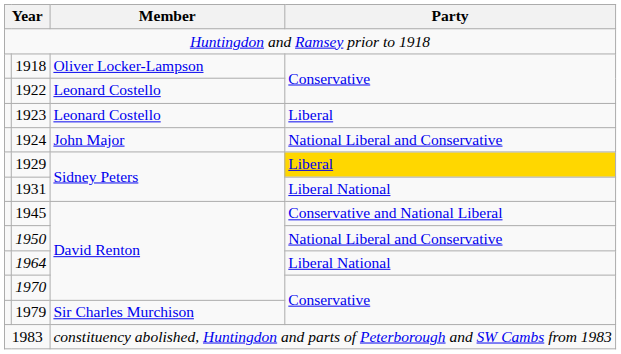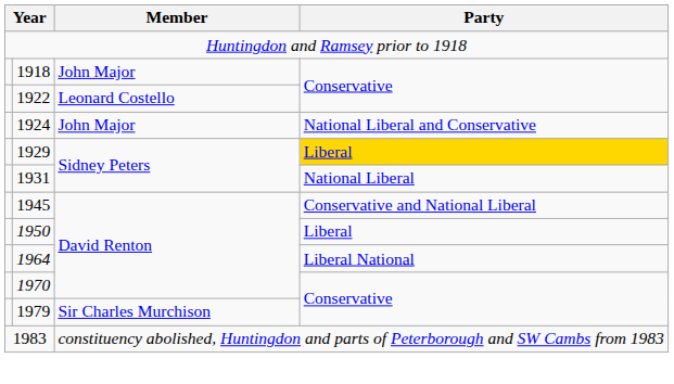 <table class="wikitable">
 <tr>
 <th colspan="2">Year</th>
 <th>Member</th>
 <th>Party</th>
 </tr>
 <tr>
 <td colspan="4" align="center"><em><a href='#'>Huntingdon</a> and <a href='#'>Ramsey</a> prior to 1918</em></td>
 </tr>
 <tr>
 <td style="color:inherit;background-color: "></td>
 <td>1918</td>
-<td><a href='#'>Oliver Locker-Lampson</a></td>
+<td><a href='#'>John Major</a></td>
 <td rowspan="2"><a href='#'>Conservative</a></td>
 </tr>
 <tr>
 <td style="color:inherit;background-color: "></td>
 <td>1922</td>
 <td><a href='#'>Leonard Costello</a></td>
-</tr>
-<tr>
-<td style="color:inherit;background-color: "></td>
-<td>1923</td>
-<td><a href='#'>Leonard Costello</a></td>
-<td><a href='#'>Liberal</a></td>
 </tr>
 <tr>
 <td style="color:inherit;background-color: "></td>
 <td>1924</td>
 <td><a href='#'>John Major</a></td>
 <td><a href='#'>National Liberal and Conservative</a></td>
 </tr>
 <tr>
 <td style="color:inherit;background-color: "></td>
 <td>1929</td>
 <td rowspan="2"><a href='#'>Sidney Peters</a></td>
 <td style="background: gold;"><a href='#'>Liberal</a></td>
 </tr>
 <tr>
 <td style="color:inherit;background-color: "></td>
 <td>1931</td>
-<td><a href='#'>Liberal National</a></td>
+<td><a href='#'>National Liberal</a></td>
 </tr>
 <tr>
 <td style="color:inherit;background-color: "></td>
 <td>1945</td>
 <td rowspan="4"><a href='#'>David Renton</a></td>
 <td><a href='#'>Conservative and National Liberal</a></td>
 </tr>
 <tr>
 <td style="color:inherit;background-color: "></td>
 <td><em>1950</em></td>
-<td><a href='#'>National Liberal and Conservative</a></td>
+<td><a href='#'>Liberal</a></td>
 </tr>
 <tr>
 <td style="color:inherit;background-color: "></td>
 <td><em>1964</em></td>
 <td><a href='#'>Liberal National</a></td>
 </tr>
 <tr>
 <td style="color:inherit;background-color: "></td>
 <td><em>1970</em></td>
 <td rowspan="2"><a href='#'>Conservative</a></td>
 </tr>
 <tr>
 <td style="color:inherit;background-color: "></td>
 <td>1979</td>
 <td><a href='#'>Sir Charles Murchison</a></td>
 </tr>
 <tr>
 <td colspan="2" align="center">1983</td>
 <td colspan="2"><em>constituency abolished, <a href='#'>Huntingdon</a> and parts of <a href='#'>Peterborough</a> and <a href='#'>SW Cambs</a> from 1983</em></td>
 </tr>
 </table>
